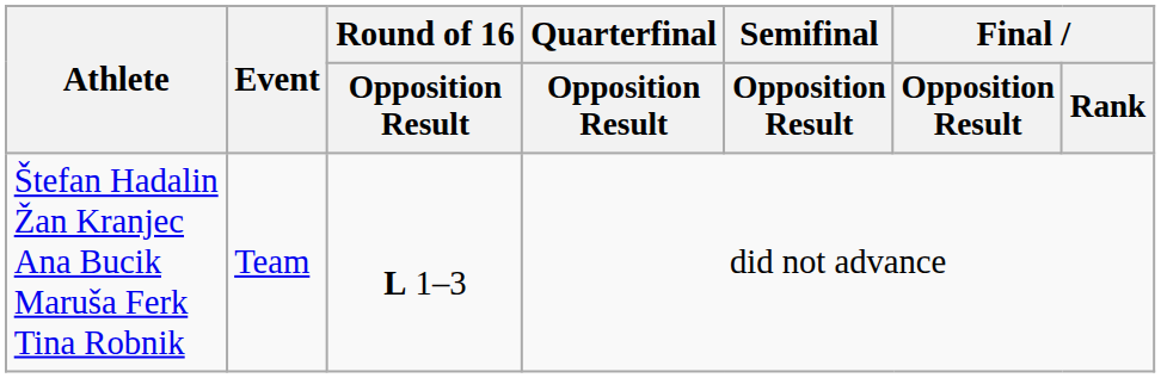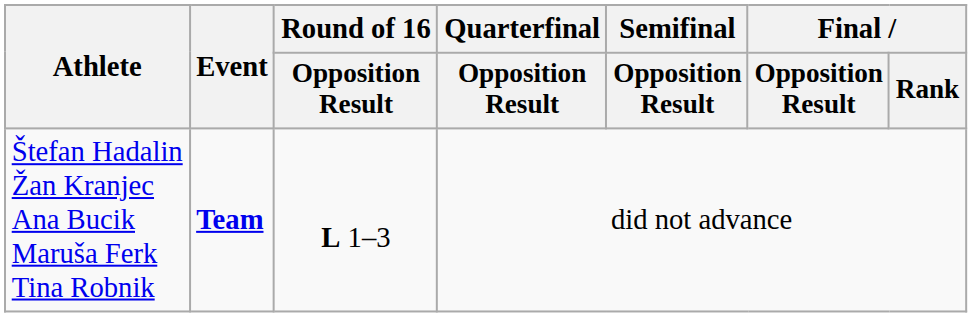 <table class=wikitable style=font-size:90%>
 <tr>
 <th rowspan=2>Athlete</th>
 <th rowspan=2>Event</th>
 <th>Round of 16</th>
 <th>Quarterfinal</th>
 <th>Semifinal</th>
 <th colspan=2>Final / </th>
 </tr>
 <tr style=font-size:95%>
 <th>Opposition<br>Result</th>
 <th>Opposition<br>Result</th>
 <th>Opposition<br>Result</th>
 <th>Opposition<br>Result</th>
 <th>Rank</th>
 </tr>
 <tr align=center>
 <td align=left><a href='#'>Štefan Hadalin</a><br><a href='#'>Žan Kranjec</a><br><a href='#'>Ana Bucik</a><br><a href='#'>Maruša Ferk</a><br><a href='#'>Tina Robnik</a></td>
-<td align=left><a href='#'>Team</a></td>
+<td align=left><strong><a href='#'>Team</a></strong></td>
 <td><br><strong>L</strong> 1–3</td>
 <td colspan=4>did not advance</td>
 </tr>
 </table>
